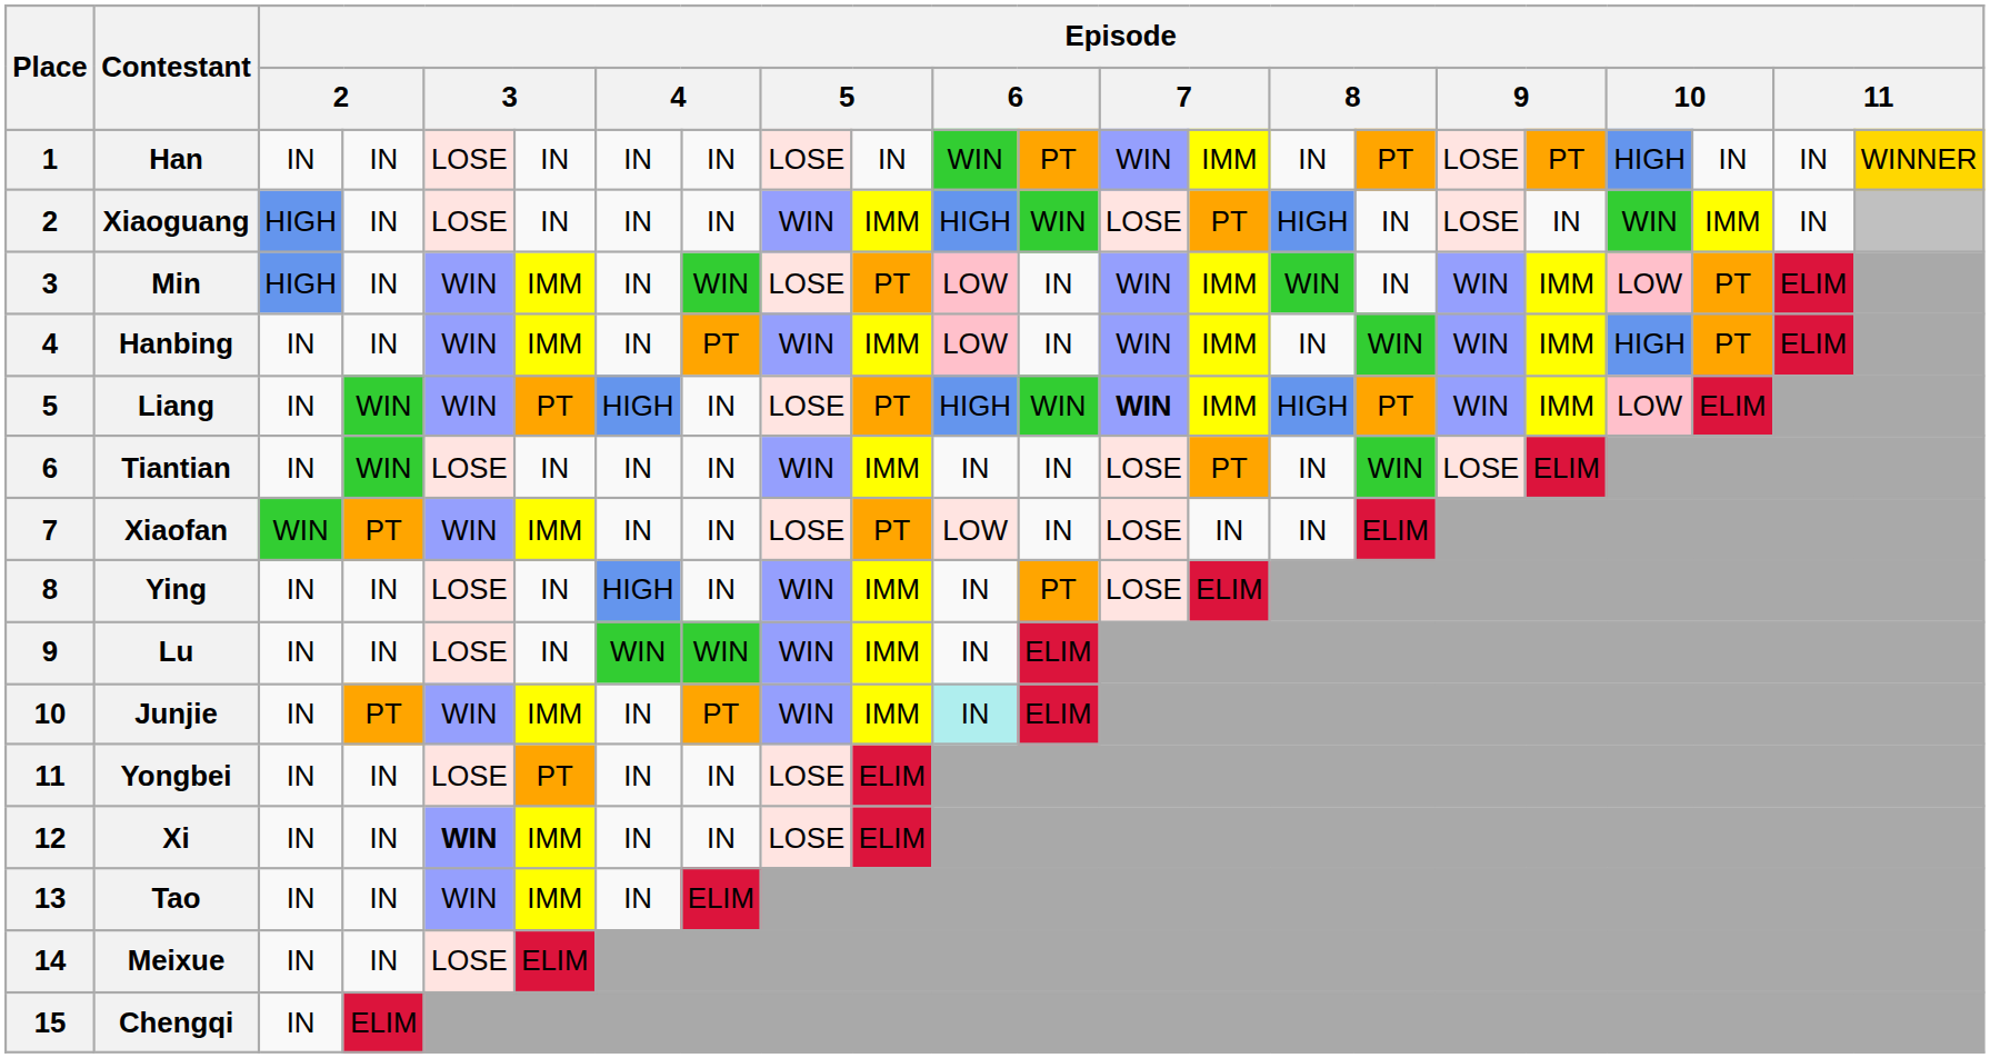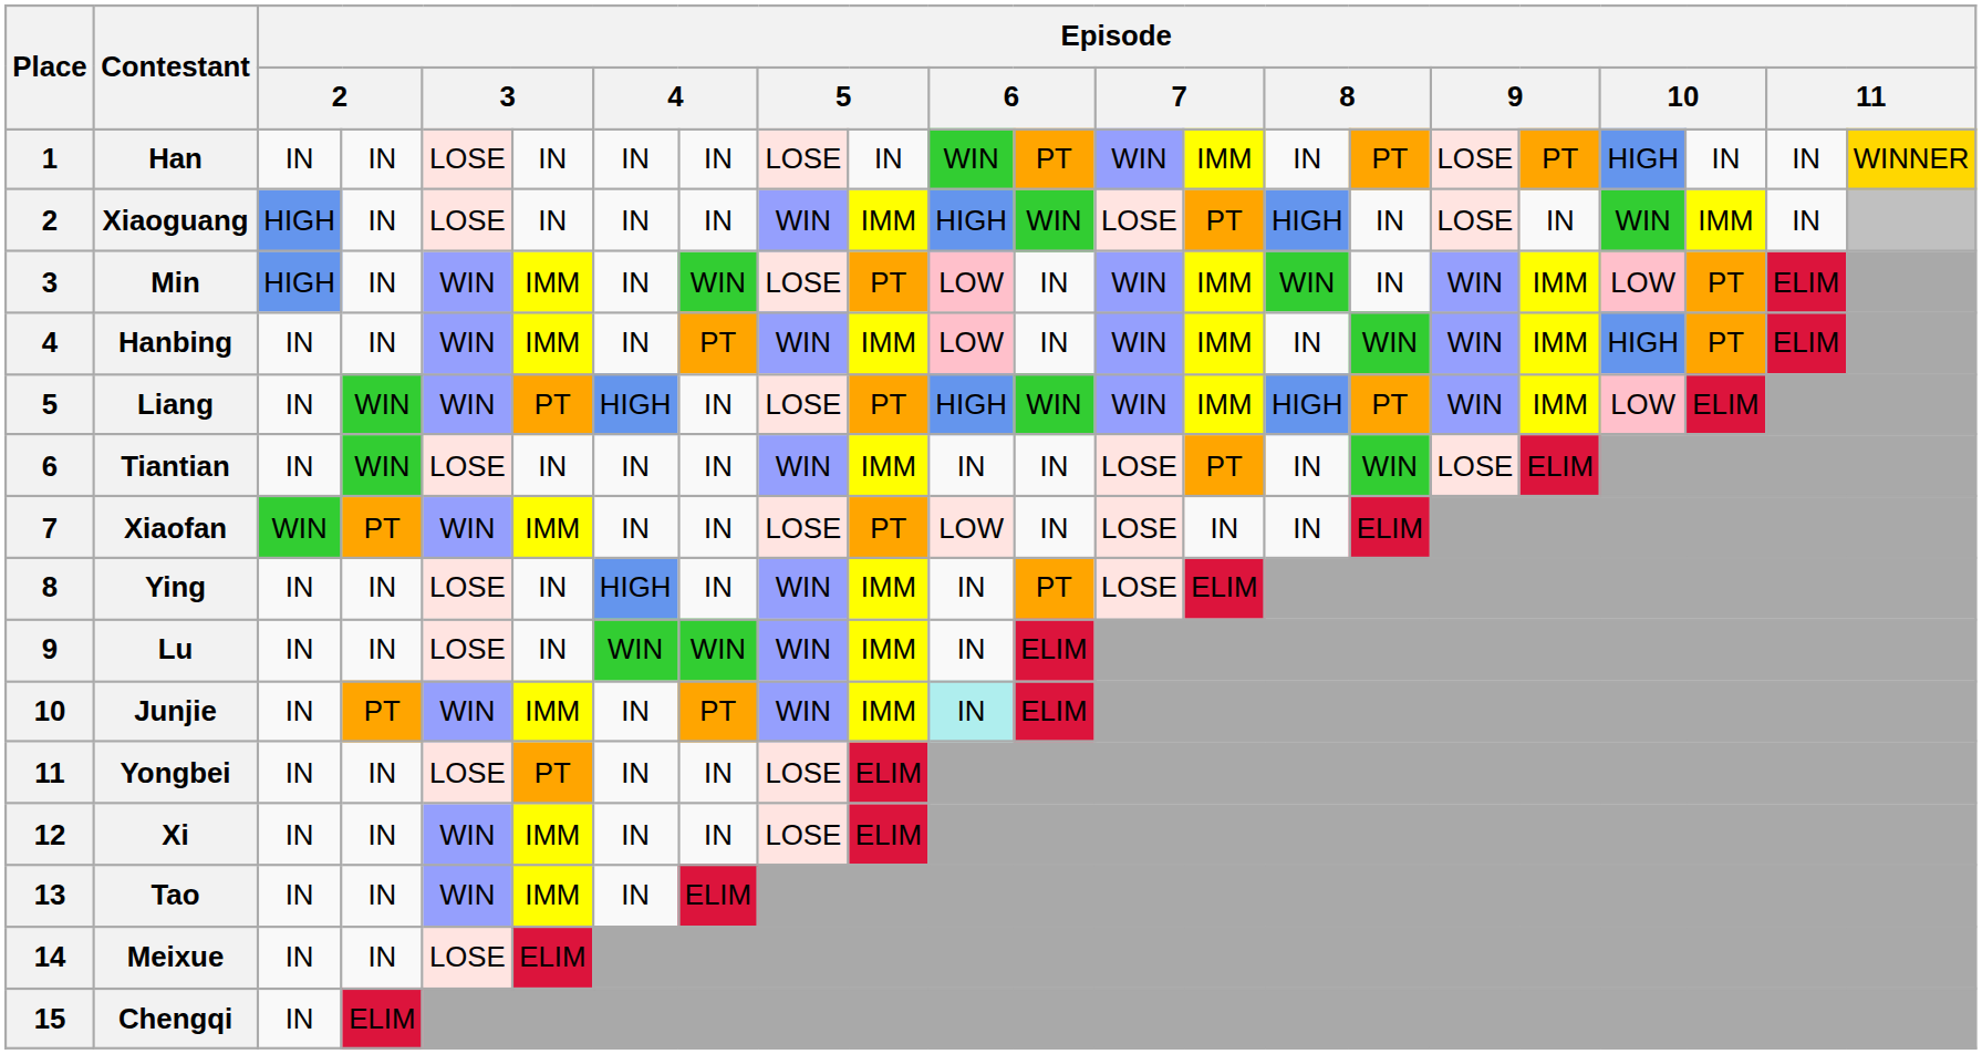 <table class="wikitable" style="text-align: center; font-size: 9pt; line-height:20px;">
 <tr>
 <th rowspan="2">Place</th>
 <th rowspan="2">Contestant</th>
 <th colspan="20">Episode</th>
 </tr>
 <tr>
 <th colspan="2">2</th>
 <th ! colspan="2">3</th>
 <th ! colspan="2">4</th>
 <th ! colspan="2">5</th>
 <th ! colspan="2">6</th>
 <th ! colspan="2">7</th>
 <th ! colspan="2">8</th>
 <th ! colspan="2">9</th>
 <th ! colspan="2">10</th>
 <th ! colspan="2">11</th>
 </tr>
 <tr>
 <th>1</th>
 <th>Han</th>
 <td>IN</td>
 <td>IN</td>
 <td bgcolor=mistyrose>LOSE</td>
 <td>IN</td>
 <td>IN</td>
 <td>IN</td>
 <td bgcolor=mistyrose>LOSE</td>
 <td>IN</td>
 <td bgcolor=limegreen>WIN</td>
 <td bgcolor=orange>PT</td>
 <td bgcolor=#959FFD>WIN</td>
 <td bgcolor=yellow>IMM</td>
 <td>IN</td>
 <td bgcolor=orange>PT</td>
 <td bgcolor=mistyrose>LOSE</td>
 <td bgcolor=orange>PT</td>
 <td bgcolor=cornflowerblue>HIGH</td>
 <td>IN</td>
 <td>IN</td>
 <td bgcolor=gold>WINNER</td>
 </tr>
 <tr>
 <th>2</th>
 <th>Xiaoguang</th>
 <td bgcolor=cornflowerblue>HIGH</td>
 <td>IN</td>
 <td bgcolor=mistyrose>LOSE</td>
 <td>IN</td>
 <td>IN</td>
 <td>IN</td>
 <td bgcolor=#959FFD>WIN</td>
 <td bgcolor=yellow>IMM</td>
 <td bgcolor=cornflowerblue>HIGH</td>
 <td bgcolor=limegreen>WIN</td>
 <td bgcolor=mistyrose>LOSE</td>
 <td bgcolor=orange>PT</td>
 <td bgcolor=cornflowerblue>HIGH</td>
 <td>IN</td>
 <td bgcolor=mistyrose>LOSE</td>
 <td>IN</td>
 <td bgcolor=limegreen>WIN</td>
 <td bgcolor=yellow>IMM</td>
 <td>IN</td>
 <td style="background:silver;"></td>
 </tr>
 <tr>
 <th>3</th>
 <th>Min</th>
 <td bgcolor=cornflowerblue>HIGH</td>
 <td>IN</td>
 <td bgcolor=#959FFD>WIN</td>
 <td bgcolor=yellow>IMM</td>
 <td>IN</td>
 <td bgcolor=limegreen>WIN</td>
 <td bgcolor=mistyrose>LOSE</td>
 <td bgcolor=orange>PT</td>
 <td bgcolor=pink>LOW</td>
 <td>IN</td>
 <td bgcolor=#959FFD>WIN</td>
 <td bgcolor=yellow>IMM</td>
 <td bgcolor=limegreen>WIN</td>
 <td>IN</td>
 <td bgcolor=#959FFD>WIN</td>
 <td bgcolor=yellow>IMM</td>
 <td bgcolor=pink>LOW</td>
 <td bgcolor=orange>PT</td>
 <td bgcolor=crimson>ELIM</td>
 <td colspan="48" style="background:darkgrey;"></td>
 </tr>
 <tr>
 <th>4</th>
 <th>Hanbing</th>
 <td>IN</td>
 <td>IN</td>
 <td bgcolor=#959FFD>WIN</td>
 <td bgcolor=yellow>IMM</td>
 <td>IN</td>
 <td bgcolor=orange>PT</td>
 <td bgcolor=#959FFD>WIN</td>
 <td bgcolor=yellow>IMM</td>
 <td bgcolor=pink>LOW</td>
 <td>IN</td>
 <td bgcolor=#959FFD>WIN</td>
 <td bgcolor=yellow>IMM</td>
 <td>IN</td>
 <td bgcolor=limegreen>WIN</td>
 <td bgcolor=#959FFD>WIN</td>
 <td bgcolor=yellow>IMM</td>
 <td bgcolor=cornflowerblue>HIGH</td>
 <td bgcolor=orange>PT</td>
 <td bgcolor=crimson>ELIM</td>
 <td colspan="48" style="background:darkgrey;"></td>
 </tr>
 <tr>
 <th>5</th>
 <th>Liang</th>
 <td>IN</td>
 <td bgcolor=limegreen>WIN</td>
 <td bgcolor=#959FFD>WIN</td>
 <td bgcolor=orange>PT</td>
 <td bgcolor=cornflowerblue>HIGH</td>
 <td>IN</td>
 <td bgcolor=mistyrose>LOSE</td>
 <td bgcolor=orange>PT</td>
 <td bgcolor=cornflowerblue>HIGH</td>
 <td bgcolor=limegreen>WIN</td>
-<td bgcolor=#959FFD><strong>WIN</strong></td>
+<td bgcolor=#959FFD>WIN</td>
 <td bgcolor=yellow>IMM</td>
 <td bgcolor=cornflowerblue>HIGH</td>
 <td bgcolor=orange>PT</td>
 <td bgcolor=#959FFD>WIN</td>
 <td bgcolor=yellow>IMM</td>
 <td bgcolor=pink>LOW</td>
 <td bgcolor=crimson>ELIM</td>
 <td colspan="48" style="background:darkgrey;"></td>
 </tr>
 <tr>
 <th>6</th>
 <th>Tiantian</th>
 <td>IN</td>
 <td bgcolor=limegreen>WIN</td>
 <td bgcolor=mistyrose>LOSE</td>
 <td>IN</td>
 <td>IN</td>
 <td>IN</td>
 <td bgcolor=#959FFD>WIN</td>
 <td bgcolor=yellow>IMM</td>
 <td>IN</td>
 <td>IN</td>
 <td bgcolor=mistyrose>LOSE</td>
 <td bgcolor=orange>PT</td>
 <td>IN</td>
 <td bgcolor=limegreen>WIN</td>
 <td bgcolor=mistyrose>LOSE</td>
 <td bgcolor=crimson>ELIM</td>
 <td colspan="48" style="background:darkgrey;"></td>
 </tr>
 <tr>
 <th>7</th>
 <th>Xiaofan</th>
 <td bgcolor=limegreen>WIN</td>
 <td bgcolor=orange>PT</td>
 <td bgcolor=#959FFD>WIN</td>
 <td bgcolor=yellow>IMM</td>
 <td>IN</td>
 <td>IN</td>
 <td bgcolor=mistyrose>LOSE</td>
 <td bgcolor=orange>PT</td>
 <td bgcolor=mistyrose>LOW</td>
 <td>IN</td>
 <td bgcolor=mistyrose>LOSE</td>
 <td>IN</td>
 <td>IN</td>
 <td bgcolor=crimson>ELIM</td>
 <td colspan="48" style="background:darkgrey;"></td>
 </tr>
 <tr>
 <th>8</th>
 <th>Ying</th>
 <td>IN</td>
 <td>IN</td>
 <td bgcolor=mistyrose>LOSE</td>
 <td>IN</td>
 <td bgcolor=cornflowerblue>HIGH</td>
 <td>IN</td>
 <td bgcolor=#959FFD>WIN</td>
 <td bgcolor=yellow>IMM</td>
 <td>IN</td>
 <td bgcolor=orange>PT</td>
 <td bgcolor=mistyrose>LOSE</td>
 <td bgcolor=crimson>ELIM</td>
 <td colspan="48" style="background:darkgrey;"></td>
 </tr>
 <tr>
 <th>9</th>
 <th>Lu</th>
 <td>IN</td>
 <td>IN</td>
 <td bgcolor=mistyrose>LOSE</td>
 <td>IN</td>
 <td bgcolor=limegreen>WIN</td>
 <td bgcolor=limegreen>WIN</td>
 <td bgcolor=#959FFD>WIN</td>
 <td bgcolor=yellow>IMM</td>
 <td>IN</td>
 <td bgcolor=crimson>ELIM</td>
 <td colspan="48" style="background:darkgrey;"></td>
 </tr>
 <tr>
 <th>10</th>
 <th>Junjie</th>
 <td>IN</td>
 <td bgcolor=orange>PT</td>
 <td bgcolor=#959FFD>WIN</td>
 <td bgcolor=yellow>IMM</td>
 <td>IN</td>
 <td bgcolor=orange>PT</td>
 <td bgcolor=#959FFD>WIN</td>
 <td bgcolor=yellow>IMM</td>
 <td style="background: paleturquoise;">IN</td>
 <td bgcolor=crimson>ELIM</td>
 <td colspan="48" style="background:darkgrey;"></td>
 </tr>
 <tr>
 <th>11</th>
 <th>Yongbei</th>
 <td>IN</td>
 <td>IN</td>
 <td bgcolor=mistyrose>LOSE</td>
 <td bgcolor=orange>PT</td>
 <td>IN</td>
 <td>IN</td>
 <td bgcolor=mistyrose>LOSE</td>
 <td bgcolor=crimson>ELIM</td>
 <td colspan="48" style="background:darkgrey;"></td>
 </tr>
 <tr>
 <th>12</th>
 <th>Xi</th>
 <td>IN</td>
 <td>IN</td>
-<td bgcolor=#959FFD><strong>WIN</strong></td>
+<td bgcolor=#959FFD>WIN</td>
 <td bgcolor=yellow>IMM</td>
 <td>IN</td>
 <td>IN</td>
 <td bgcolor=mistyrose>LOSE</td>
 <td bgcolor=crimson>ELIM</td>
 <td colspan="48" style="background:darkgrey;"></td>
 </tr>
 <tr>
 <th>13</th>
 <th>Tao</th>
 <td>IN</td>
 <td>IN</td>
 <td bgcolor=#959FFD>WIN</td>
 <td bgcolor=yellow>IMM</td>
 <td>IN</td>
 <td bgcolor=crimson>ELIM</td>
 <td colspan="48" style="background:darkgrey;"></td>
 </tr>
 <tr>
 <th>14</th>
 <th>Meixue</th>
 <td>IN</td>
 <td>IN</td>
 <td bgcolor=mistyrose>LOSE</td>
 <td bgcolor=crimson>ELIM</td>
 <td colspan="48" style="background:darkgrey;"></td>
 </tr>
 <tr>
 <th>15</th>
 <th>Chengqi</th>
 <td>IN</td>
 <td bgcolor=crimson>ELIM</td>
 <td colspan="48" style="background:darkgrey;"></td>
 </tr>
 </table>
